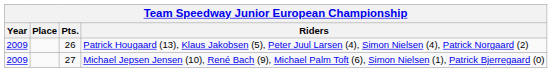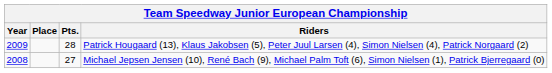 <table class=wikitable style="font-size: 90%;">
 <tr>
 <th colspan=4><big><a href='#'>Team Speedway Junior European Championship</a></big></th>
 </tr>
 <tr>
 <th>Year</th>
 <th>Place</th>
 <th>Pts.</th>
 <th>Riders</th>
 </tr>
 <tr align=center>
 <td><a href='#'>2009</a></td>
 <td></td>
-<td>26</td>
+<td>28</td>
 <td align=left><a href='#'>Patrick Hougaard</a> (13), <a href='#'>Klaus Jakobsen</a> (5), <a href='#'>Peter Juul Larsen</a> (4), <a href='#'>Simon Nielsen</a> (4), <a href='#'>Patrick Norgaard</a> (2)</td>
 </tr>
 <tr align=center>
-<td><a href='#'>2009</a></td>
+<td><a href='#'>2008</a></td>
 <td></td>
 <td>27</td>
 <td align=left><a href='#'>Michael Jepsen Jensen</a> (10), <a href='#'>René Bach</a> (9), <a href='#'>Michael Palm Toft</a> (6), <a href='#'>Simon Nielsen</a> (1), <a href='#'>Patrick Bjerregaard</a> (0)</td>
 </tr>
 </table>
